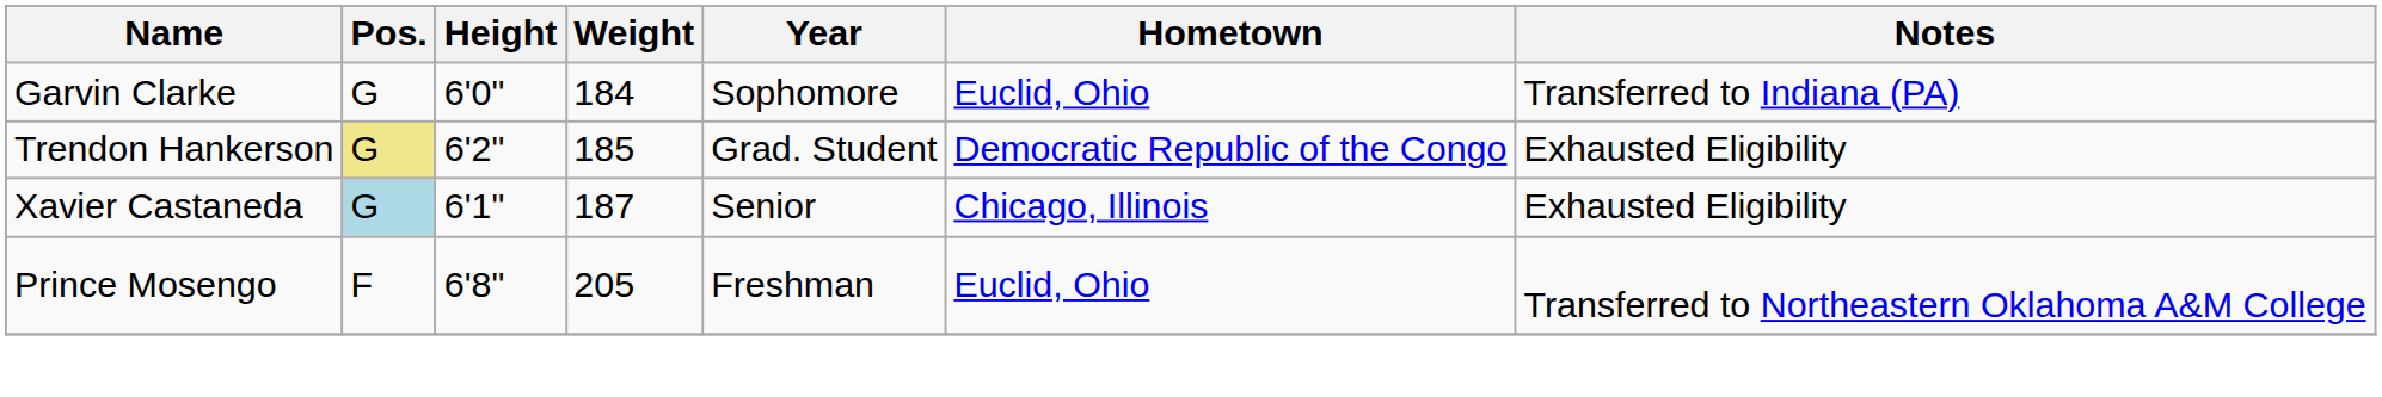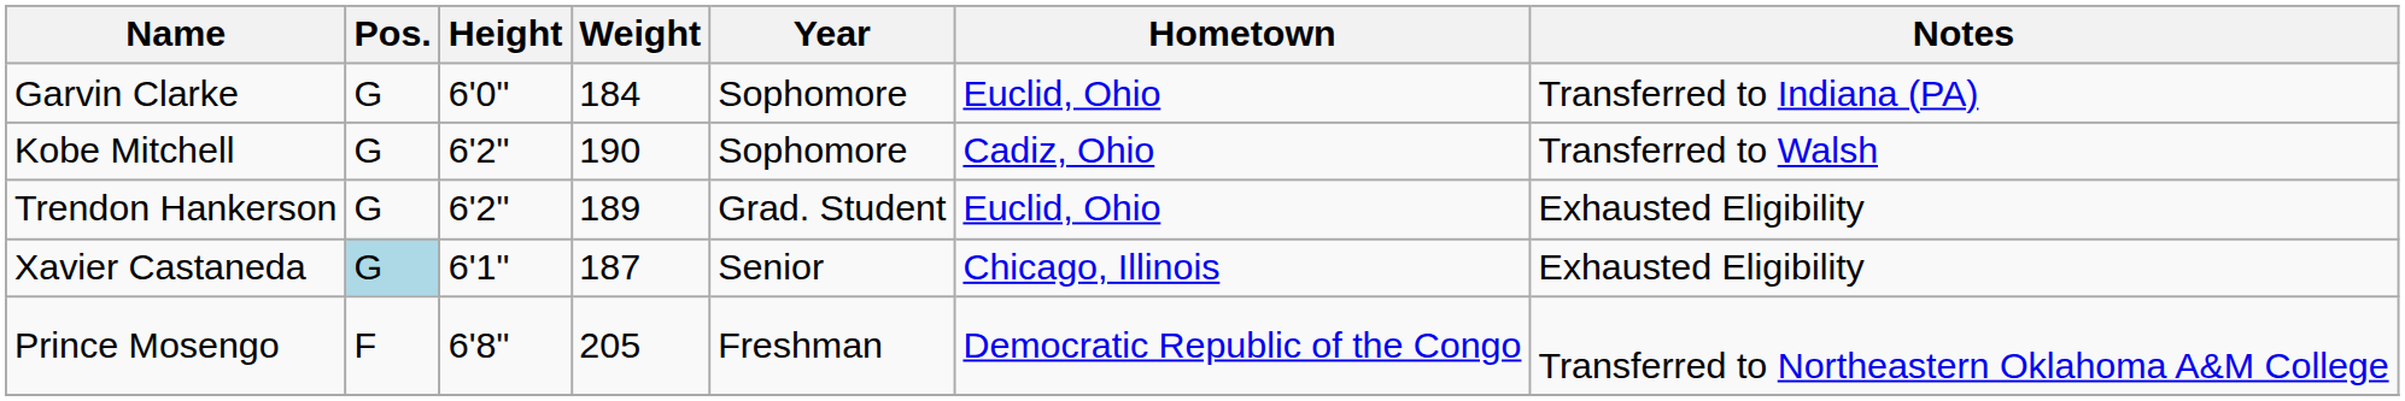 <table class="wikitable sortable" border="1">
 <tr align=center>
 <th>Name</th>
 <th>Pos.</th>
 <th>Height</th>
 <th>Weight</th>
 <th>Year</th>
 <th>Hometown</th>
 <th>Notes</th>
 </tr>
 <tr>
 <td>Garvin Clarke</td>
 <td>G</td>
 <td>6'0"</td>
 <td>184</td>
 <td>Sophomore</td>
 <td><a href='#'>Euclid, Ohio</a></td>
 <td>Transferred to <a href='#'>Indiana (PA)</a></td>
 </tr>
 <tr>
+<td>Kobe Mitchell</td>
+<td>G</td>
+<td>6'2"</td>
+<td>190</td>
+<td>Sophomore</td>
+<td><a href='#'>Cadiz, Ohio</a></td>
+<td>Transferred to <a href='#'>Walsh</a></td>
+</tr>
+<tr>
 <td>Trendon Hankerson</td>
-<td style="background: khaki;">G</td>
+<td>G</td>
 <td>6'2"</td>
-<td>185</td>
+<td>189</td>
 <td>Grad. Student</td>
-<td><a href='#'>Democratic Republic of the Congo</a></td>
+<td><a href='#'>Euclid, Ohio</a></td>
 <td>Exhausted Eligibility</td>
 </tr>
 <tr>
 <td>Xavier Castaneda</td>
 <td style="background: lightblue;">G</td>
 <td>6'1"</td>
 <td>187</td>
 <td>Senior</td>
 <td><a href='#'>Chicago, Illinois</a></td>
 <td>Exhausted Eligibility</td>
 </tr>
 <tr>
 <td>Prince Mosengo</td>
 <td>F</td>
 <td>6'8"</td>
 <td>205</td>
 <td>Freshman</td>
-<td><a href='#'>Euclid, Ohio</a></td>
+<td><a href='#'>Democratic Republic of the Congo</a></td>
 <td><br>Transferred to <a href='#'>Northeastern Oklahoma A&M College</a></td>
 </tr>
 <tr>
 </tr>
 </table>
